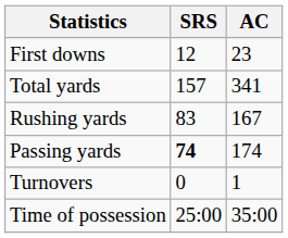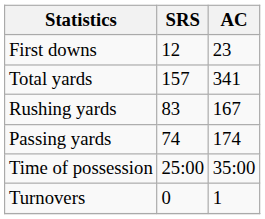 <table class="wikitable" style="float: left;">
 <tr>
 <th>Statistics</th>
 <th>SRS</th>
 <th>AC</th>
 </tr>
 <tr>
 <td>First downs</td>
 <td>12</td>
 <td>23</td>
 </tr>
 <tr>
 <td>Total yards</td>
 <td>157</td>
 <td>341</td>
 </tr>
 <tr>
 <td>Rushing yards</td>
 <td>83</td>
 <td>167</td>
 </tr>
 <tr>
 <td>Passing yards</td>
-<td><strong>74</strong></td>
+<td>74</td>
 <td>174</td>
+</tr>
+<tr>
+<td>Time of possession</td>
+<td>25:00</td>
+<td>35:00</td>
 </tr>
 <tr>
 <td>Turnovers</td>
 <td>0</td>
 <td>1</td>
 </tr>
 <tr>
-<td>Time of possession</td>
-<td>25:00</td>
-<td>35:00</td>
-</tr>
-<tr>
 </tr>
 </table>
